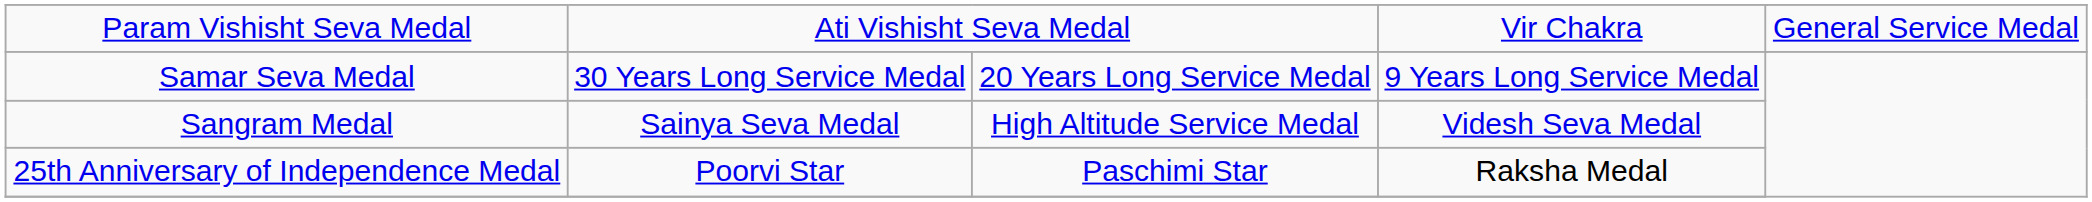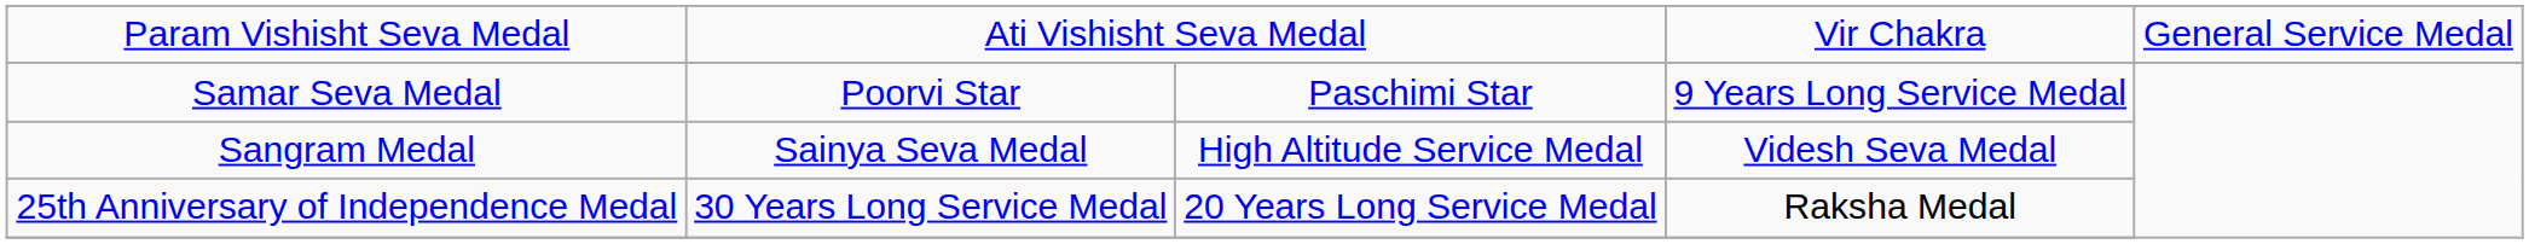 <table class="wikitable" style="margin:1em auto; text-align:center;">
 <tr>
 <td colspan="1"><a href='#'>Param Vishisht Seva Medal</a></td>
 <td colspan="2"><a href='#'>Ati Vishisht Seva Medal</a></td>
 <td colspan= "3" style="text-align:center;"><a href='#'>Vir Chakra</a></td>
 <td colspan="1"><a href='#'>General Service Medal</a></td>
 </tr>
 <tr>
 <td><a href='#'>Samar Seva Medal</a></td>
-<td><a href='#'>30 Years Long Service Medal</a></td>
-<td><a href='#'>20 Years Long Service Medal</a></td>
+<td><a href='#'>Poorvi Star</a></td>
+<td><a href='#'>Paschimi Star</a></td>
 <td><a href='#'>9 Years Long Service Medal</a></td>
 </tr>
 <tr>
 <td><a href='#'>Sangram Medal</a></td>
 <td><a href='#'>Sainya Seva Medal</a></td>
 <td><a href='#'>High Altitude Service Medal</a></td>
 <td><a href='#'>Videsh Seva Medal</a></td>
 </tr>
 <tr>
 <td><a href='#'>25th Anniversary of Independence Medal</a></td>
-<td><a href='#'>Poorvi Star</a></td>
-<td><a href='#'>Paschimi Star</a></td>
+<td><a href='#'>30 Years Long Service Medal</a></td>
+<td><a href='#'>20 Years Long Service Medal</a></td>
 <td>Raksha Medal</td>
 </tr>
 <tr>
 </tr>
 </table>
